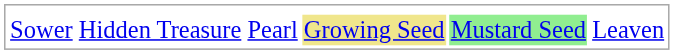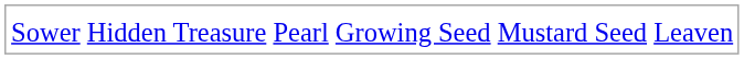 <table style="text-align:center; border:1px solid darkgray;">
 <tr border=0>
 <td></td>
 <td style="padding-left:1em;"></td>
 <td style="padding-left:1em;"></td>
 <td></td>
 <td style="padding-left:1em;"></td>
 <td style="padding-left:1em;"></td>
 </tr>
 <tr>
 <td><a href='#'>Sower</a></td>
 <td><a href='#'>Hidden Treasure</a></td>
 <td><a href='#'>Pearl</a></td>
-<td style="background: khaki;"><a href='#'>Growing Seed</a></td>
-<td style="background: lightgreen;"><a href='#'>Mustard Seed</a></td>
+<td><a href='#'>Growing Seed</a></td>
+<td><a href='#'>Mustard Seed</a></td>
 <td><a href='#'>Leaven</a></td>
 </tr>
 </table>
